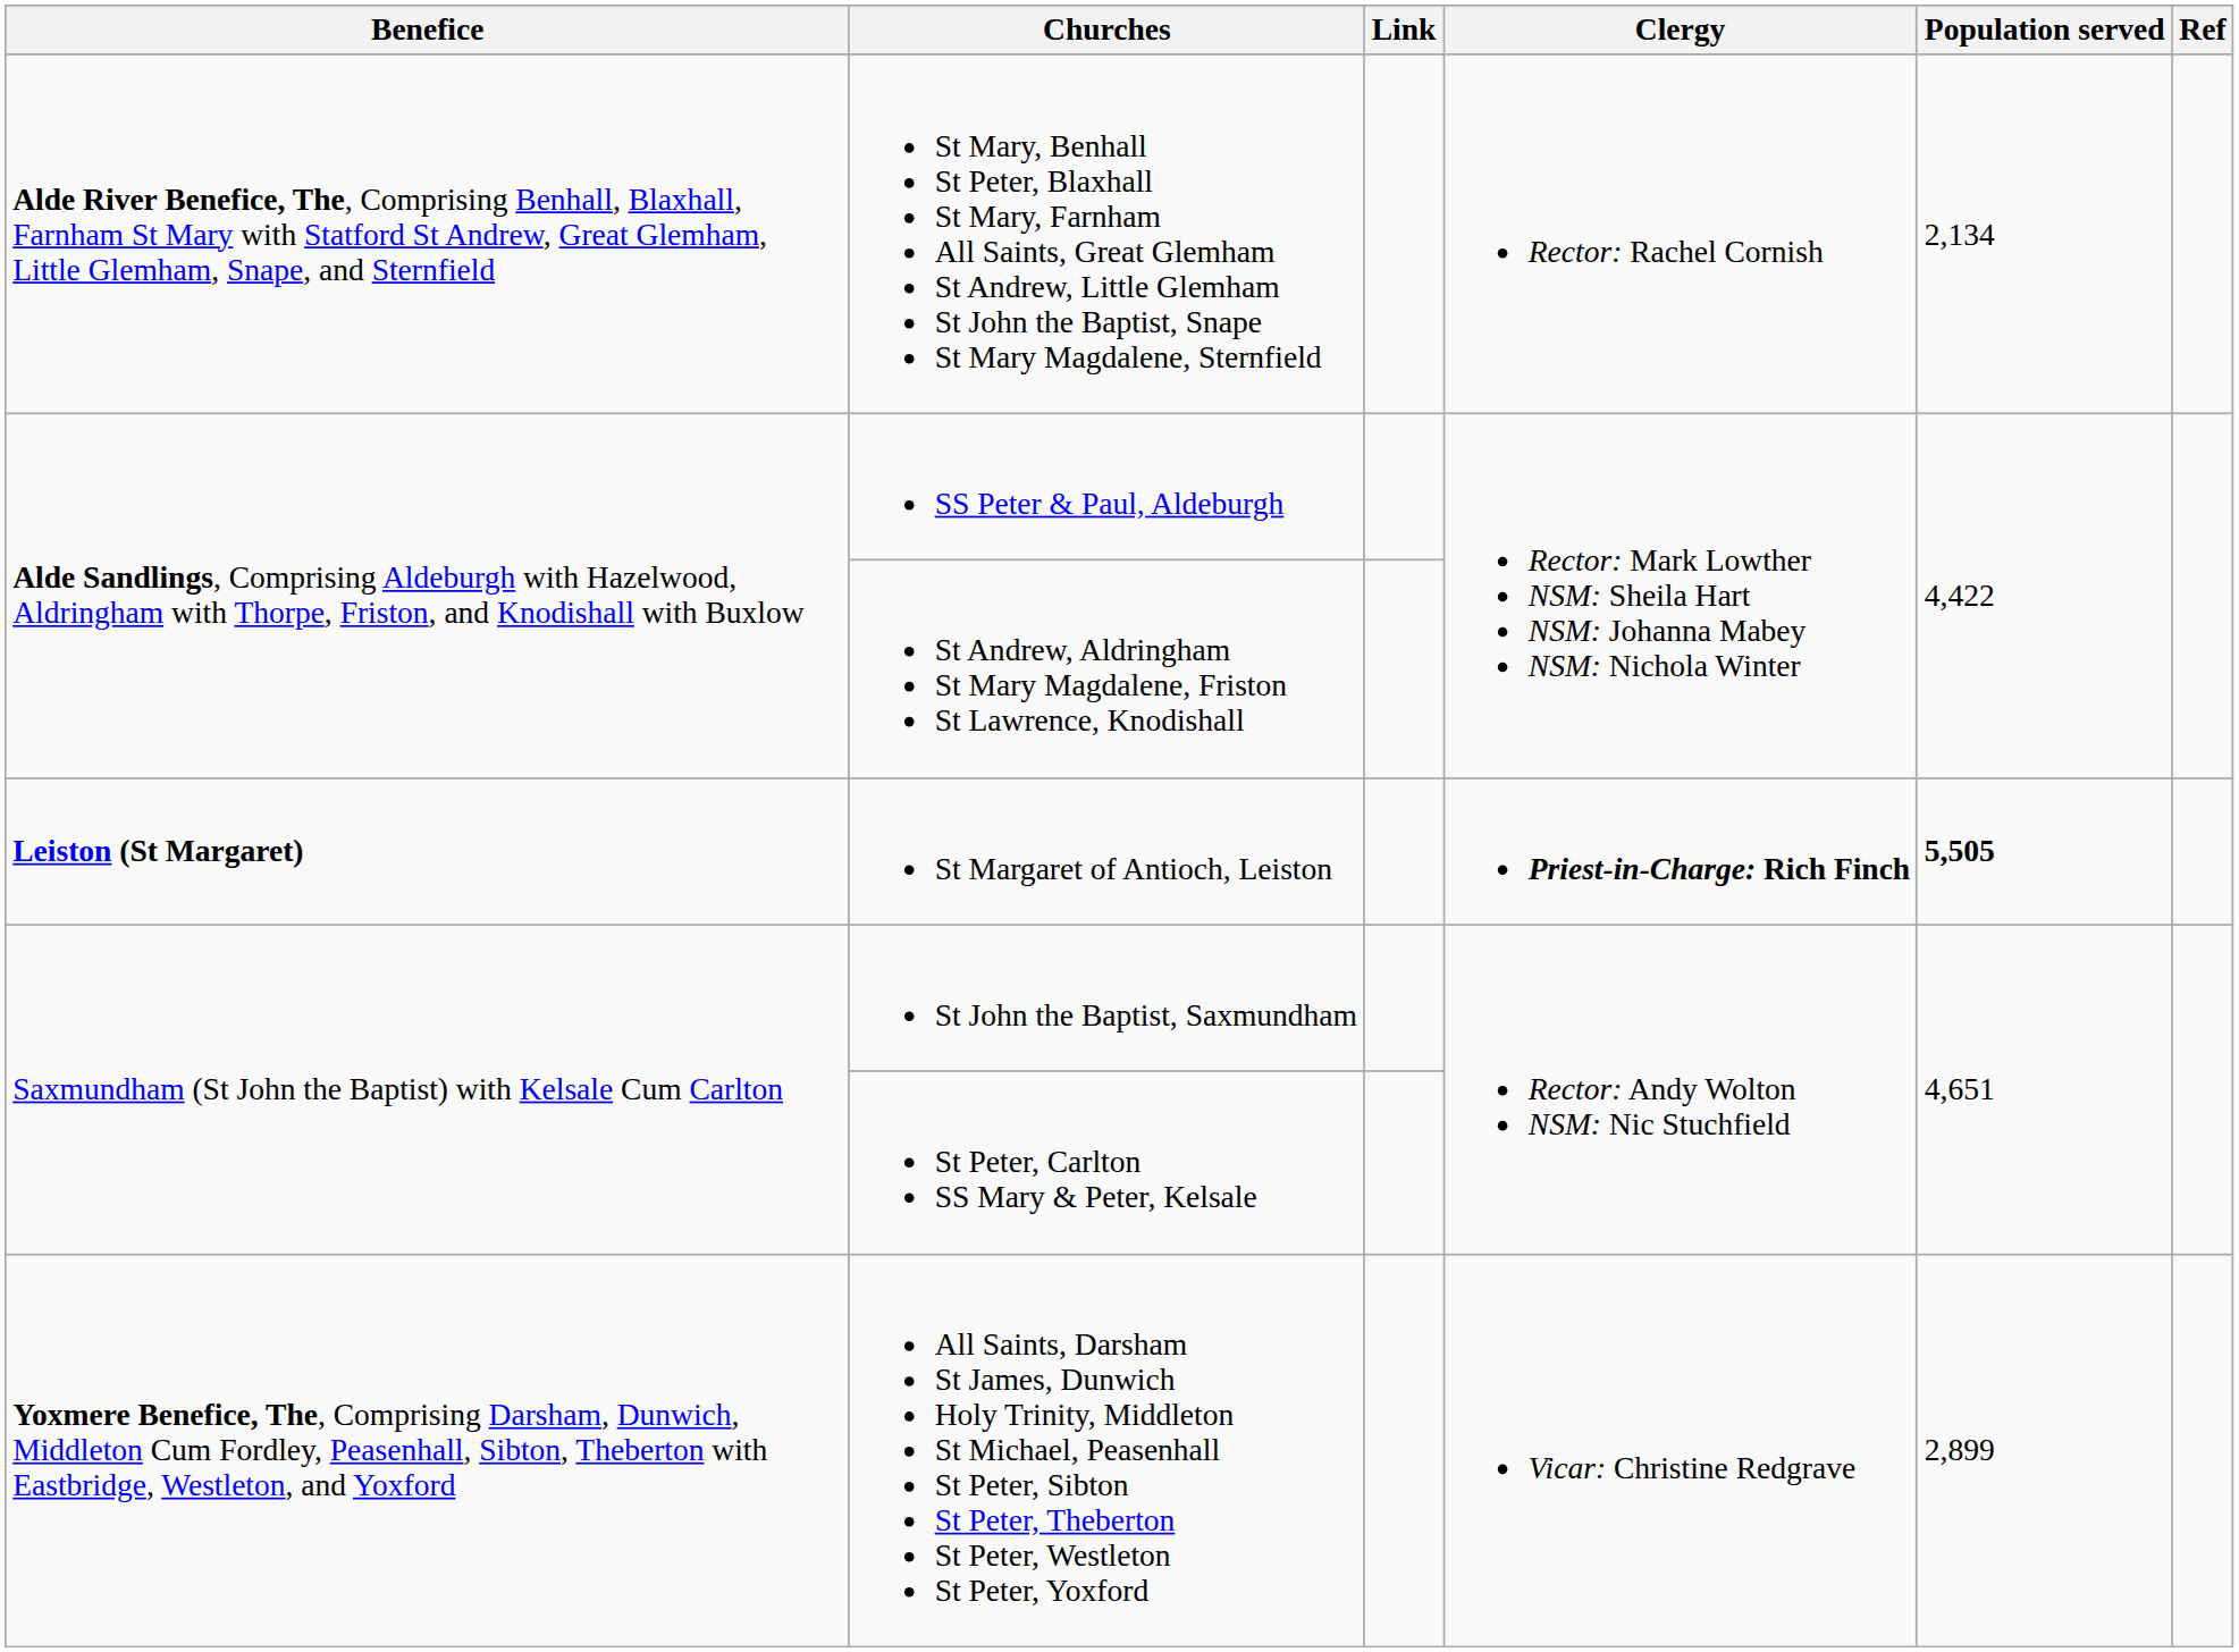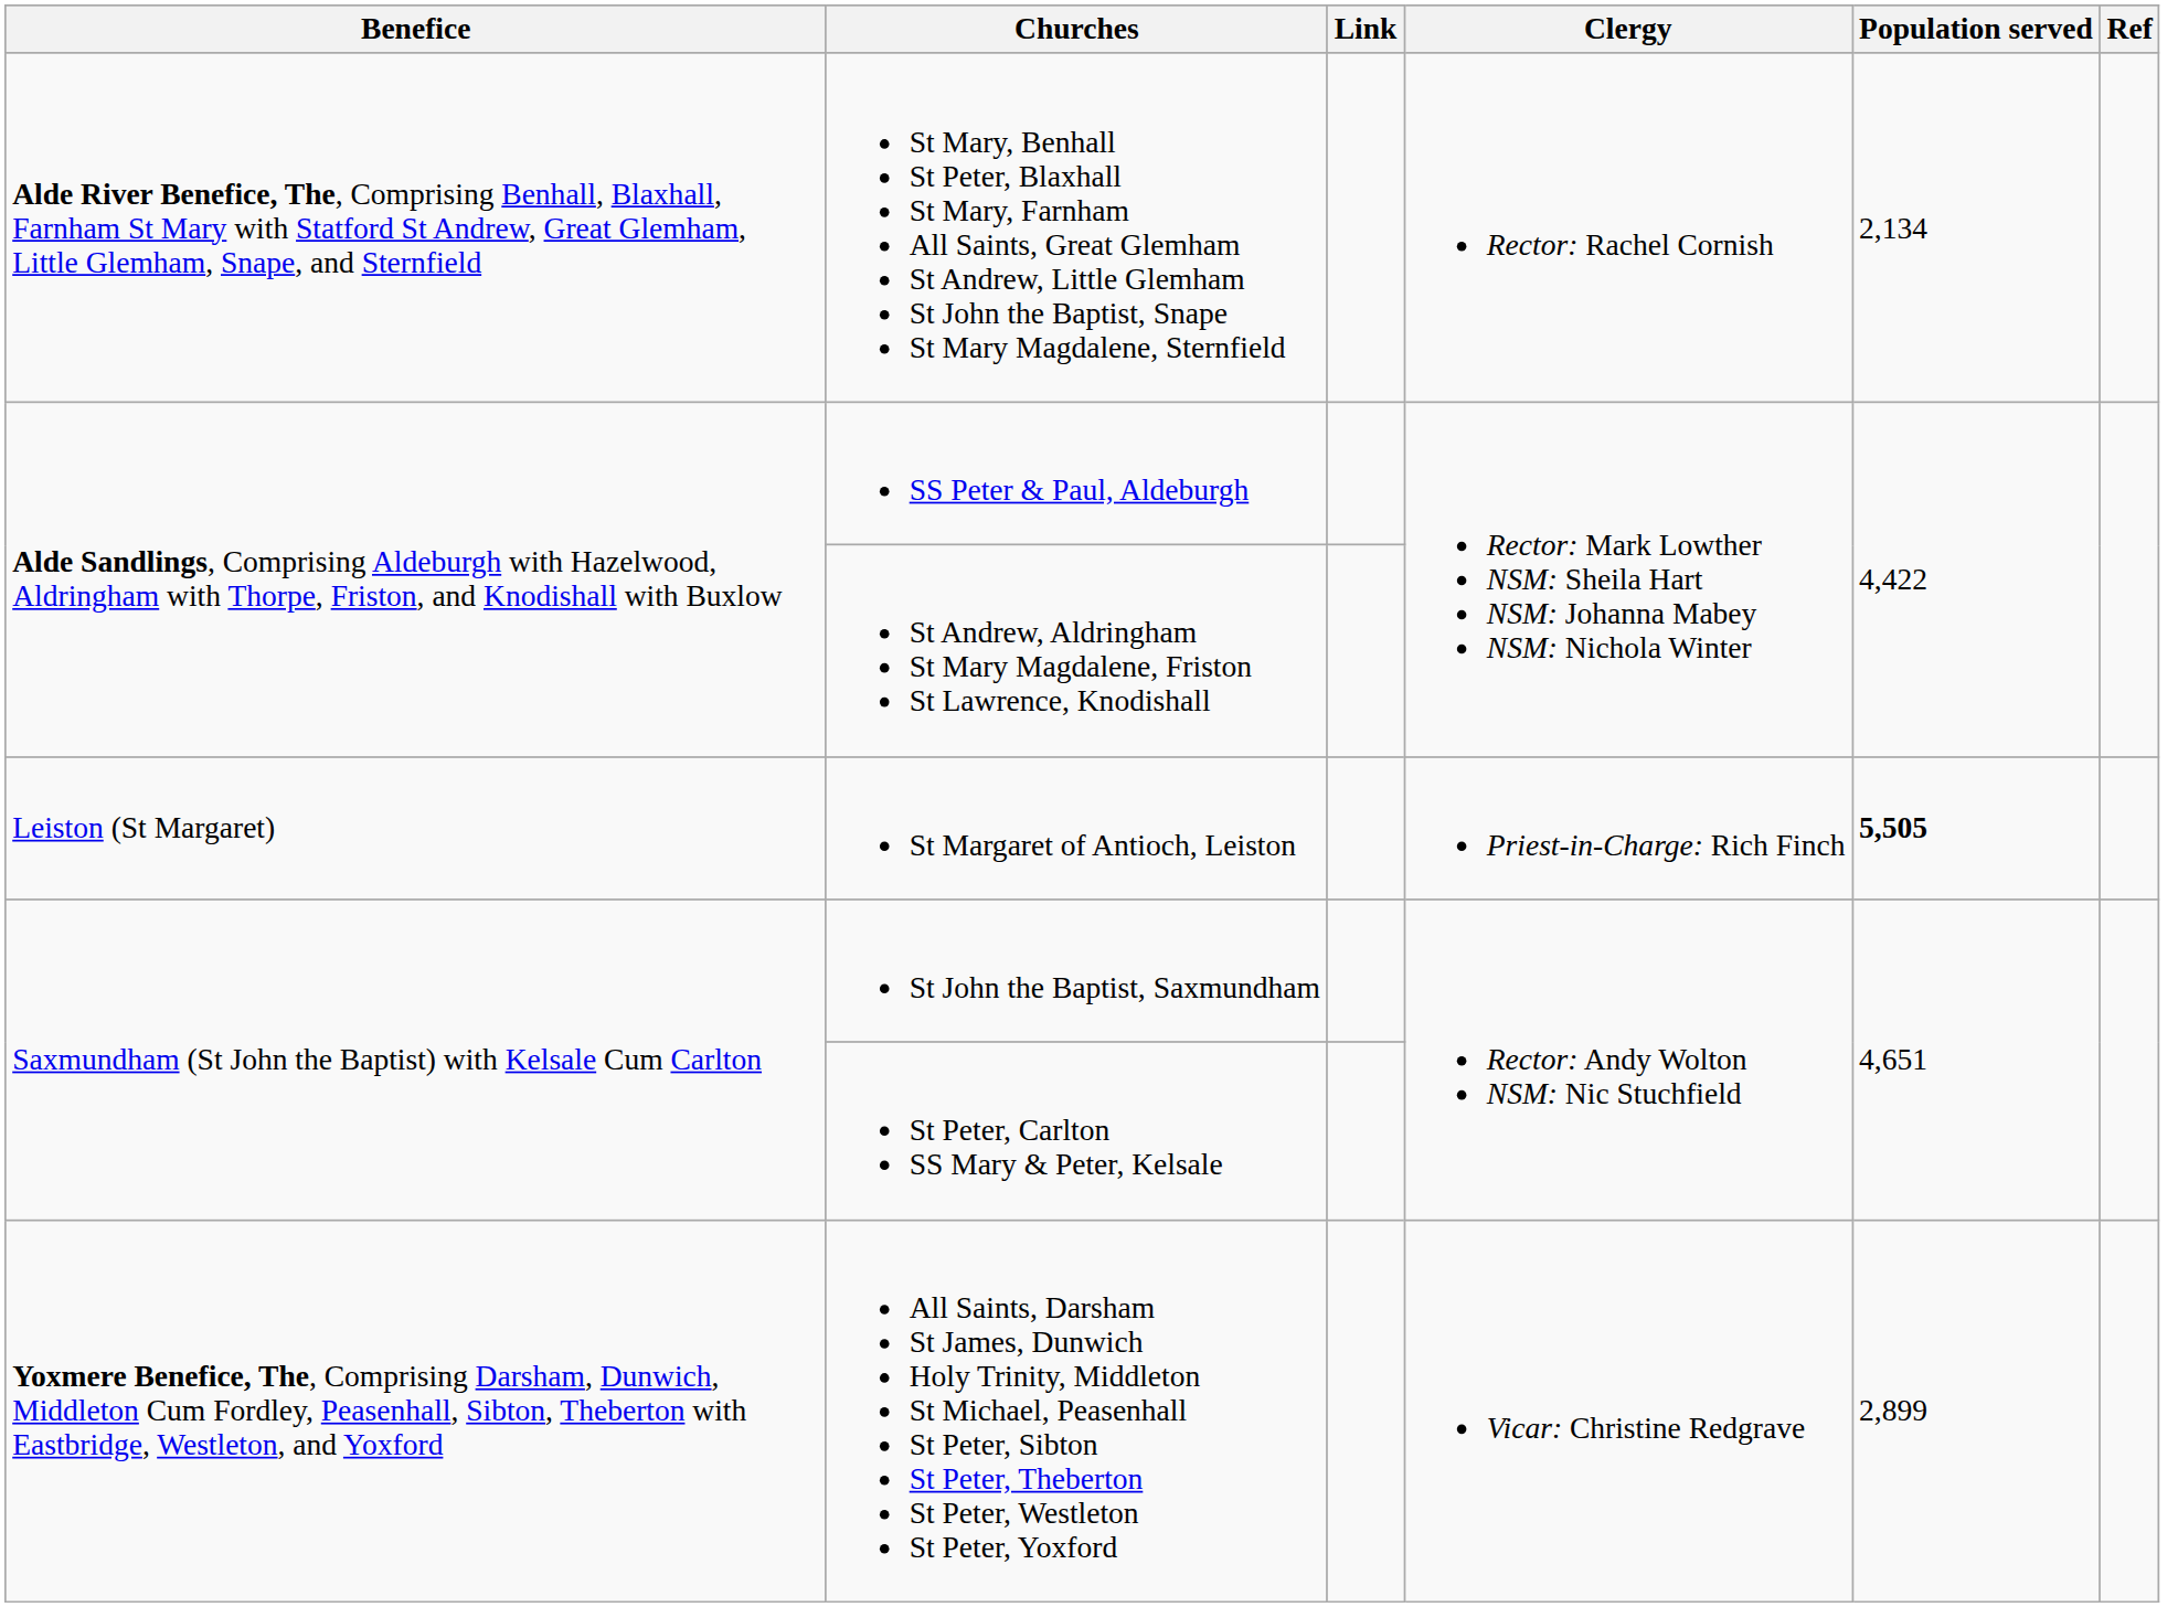 <table class="wikitable">
 <tr>
 <th width="425">Benefice</th>
 <th>Churches</th>
 <th>Link</th>
 <th>Clergy</th>
 <th>Population served</th>
 <th>Ref</th>
 </tr>
 <tr>
 <td><strong>Alde River Benefice, The</strong>, Comprising <a href='#'>Benhall</a>, <a href='#'>Blaxhall</a>, <a href='#'>Farnham St Mary</a> with <a href='#'>Statford St Andrew</a>, <a href='#'>Great Glemham</a>, <a href='#'>Little Glemham</a>, <a href='#'>Snape</a>, and <a href='#'>Sternfield</a></td>
 <td><br><ul><li>St Mary, Benhall</li><li>St Peter, Blaxhall</li><li>St Mary, Farnham</li><li>All Saints, Great Glemham</li><li>St Andrew, Little Glemham</li><li>St John the Baptist, Snape</li><li>St Mary Magdalene, Sternfield</li></ul></td>
 <td></td>
 <td><br><ul><li><em>Rector:</em> Rachel Cornish</li></ul></td>
 <td>2,134</td>
 <td></td>
 </tr>
 <tr>
 <td rowspan="2"><strong>Alde Sandlings</strong>, Comprising <a href='#'>Aldeburgh</a> with Hazelwood, <a href='#'>Aldringham</a> with <a href='#'>Thorpe</a>, <a href='#'>Friston</a>, and <a href='#'>Knodishall</a> with Buxlow</td>
 <td><br><ul><li><a href='#'>SS Peter & Paul, Aldeburgh</a></li></ul></td>
 <td></td>
 <td rowspan="2"><br><ul><li><em>Rector:</em> Mark Lowther</li><li><em>NSM:</em> Sheila Hart</li><li><em>NSM:</em> Johanna Mabey</li><li><em>NSM:</em> Nichola Winter</li></ul></td>
 <td rowspan="2">4,422</td>
 <td rowspan="2"></td>
 </tr>
 <tr>
 <td><br><ul><li>St Andrew, Aldringham</li><li>St Mary Magdalene, Friston</li><li>St Lawrence, Knodishall</li></ul></td>
 <td></td>
 </tr>
 <tr>
-<td><strong><a href='#'>Leiston</a> (St Margaret)</strong></td>
+<td><a href='#'>Leiston</a> (St Margaret)</td>
 <td><br><ul><li>St Margaret of Antioch, Leiston</li></ul></td>
 <td></td>
-<td><strong><br><ul><li><em>Priest-in-Charge:</em> Rich Finch</li></ul></strong></td>
+<td><br><ul><li><em>Priest-in-Charge:</em> Rich Finch</li></ul></td>
 <td><strong>5,505</strong></td>
 <td></td>
 </tr>
 <tr>
 <td rowspan="2"><a href='#'>Saxmundham</a> (St John the Baptist) with <a href='#'>Kelsale</a> Cum <a href='#'>Carlton</a></td>
 <td><br><ul><li>St John the Baptist, Saxmundham</li></ul></td>
 <td></td>
 <td rowspan="2"><br><ul><li><em>Rector:</em> Andy Wolton</li><li><em>NSM:</em> Nic Stuchfield</li></ul></td>
 <td rowspan="2">4,651</td>
 <td rowspan="2"></td>
 </tr>
 <tr>
 <td><br><ul><li>St Peter, Carlton</li><li>SS Mary & Peter, Kelsale</li></ul></td>
 <td></td>
 </tr>
 <tr>
 <td><strong>Yoxmere Benefice, The</strong>, Comprising <a href='#'>Darsham</a>, <a href='#'>Dunwich</a>, <a href='#'>Middleton</a> Cum Fordley, <a href='#'>Peasenhall</a>, <a href='#'>Sibton</a>, <a href='#'>Theberton</a> with <a href='#'>Eastbridge</a>, <a href='#'>Westleton</a>, and <a href='#'>Yoxford</a></td>
 <td><br><ul><li>All Saints, Darsham</li><li>St James, Dunwich</li><li>Holy Trinity, Middleton</li><li>St Michael, Peasenhall</li><li>St Peter, Sibton</li><li><a href='#'>St Peter, Theberton</a></li><li>St Peter, Westleton</li><li>St Peter, Yoxford</li></ul></td>
 <td></td>
 <td><br><ul><li><em>Vicar:</em> Christine Redgrave</li></ul></td>
 <td>2,899</td>
 <td></td>
 </tr>
 </table>
